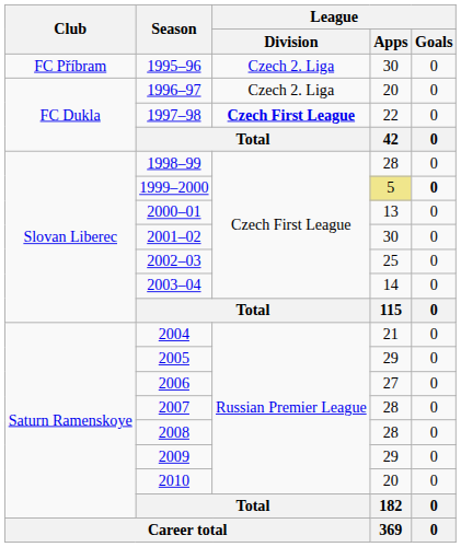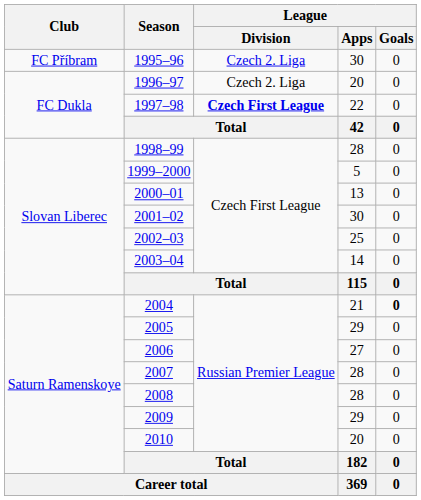 <table class="wikitable" style="text-align:center">
 <tr>
 <th rowspan="2">Club</th>
 <th rowspan="2">Season</th>
 <th colspan="3">League</th>
 </tr>
 <tr>
 <th>Division</th>
 <th>Apps</th>
 <th>Goals</th>
 </tr>
 <tr>
 <td><a href='#'>FC Příbram</a></td>
 <td><a href='#'>1995–96</a></td>
 <td><a href='#'>Czech 2. Liga</a></td>
 <td>30</td>
 <td>0</td>
 </tr>
 <tr>
 <td rowspan="3"><a href='#'>FC Dukla</a></td>
 <td><a href='#'>1996–97</a></td>
 <td>Czech 2. Liga</td>
 <td>20</td>
 <td>0</td>
 </tr>
 <tr>
 <td><a href='#'>1997–98</a></td>
 <td><strong><a href='#'>Czech First League</a></strong></td>
 <td>22</td>
 <td>0</td>
 </tr>
 <tr>
 <th colspan="2">Total</th>
 <th>42</th>
 <th>0</th>
 </tr>
 <tr>
 <td rowspan="7"><a href='#'>Slovan Liberec</a></td>
 <td><a href='#'>1998–99</a></td>
 <td rowspan="6">Czech First League</td>
 <td>28</td>
 <td>0</td>
 </tr>
 <tr>
 <td><a href='#'>1999–2000</a></td>
-<td style="background: khaki;">5</td>
-<td><strong>0</strong></td>
+<td>5</td>
+<td>0</td>
 </tr>
 <tr>
 <td><a href='#'>2000–01</a></td>
 <td>13</td>
 <td>0</td>
 </tr>
 <tr>
 <td><a href='#'>2001–02</a></td>
 <td>30</td>
 <td>0</td>
 </tr>
 <tr>
 <td><a href='#'>2002–03</a></td>
 <td>25</td>
 <td>0</td>
 </tr>
 <tr>
 <td><a href='#'>2003–04</a></td>
 <td>14</td>
 <td>0</td>
 </tr>
 <tr>
 <th colspan="2">Total</th>
 <th>115</th>
 <th>0</th>
 </tr>
 <tr>
 <td rowspan="8"><a href='#'>Saturn Ramenskoye</a></td>
 <td><a href='#'>2004</a></td>
 <td rowspan="7"><a href='#'>Russian Premier League</a></td>
 <td>21</td>
-<td>0</td>
+<td><strong>0</strong></td>
 </tr>
 <tr>
 <td><a href='#'>2005</a></td>
 <td>29</td>
 <td>0</td>
 </tr>
 <tr>
 <td><a href='#'>2006</a></td>
 <td>27</td>
 <td>0</td>
 </tr>
 <tr>
 <td><a href='#'>2007</a></td>
 <td>28</td>
 <td>0</td>
 </tr>
 <tr>
 <td><a href='#'>2008</a></td>
 <td>28</td>
 <td>0</td>
 </tr>
 <tr>
 <td><a href='#'>2009</a></td>
 <td>29</td>
 <td>0</td>
 </tr>
 <tr>
 <td><a href='#'>2010</a></td>
 <td>20</td>
 <td>0</td>
 </tr>
 <tr>
 <th colspan="2">Total</th>
 <th>182</th>
 <th>0</th>
 </tr>
 <tr>
 <th colspan="3">Career total</th>
 <th>369</th>
 <th>0</th>
 </tr>
 </table>
